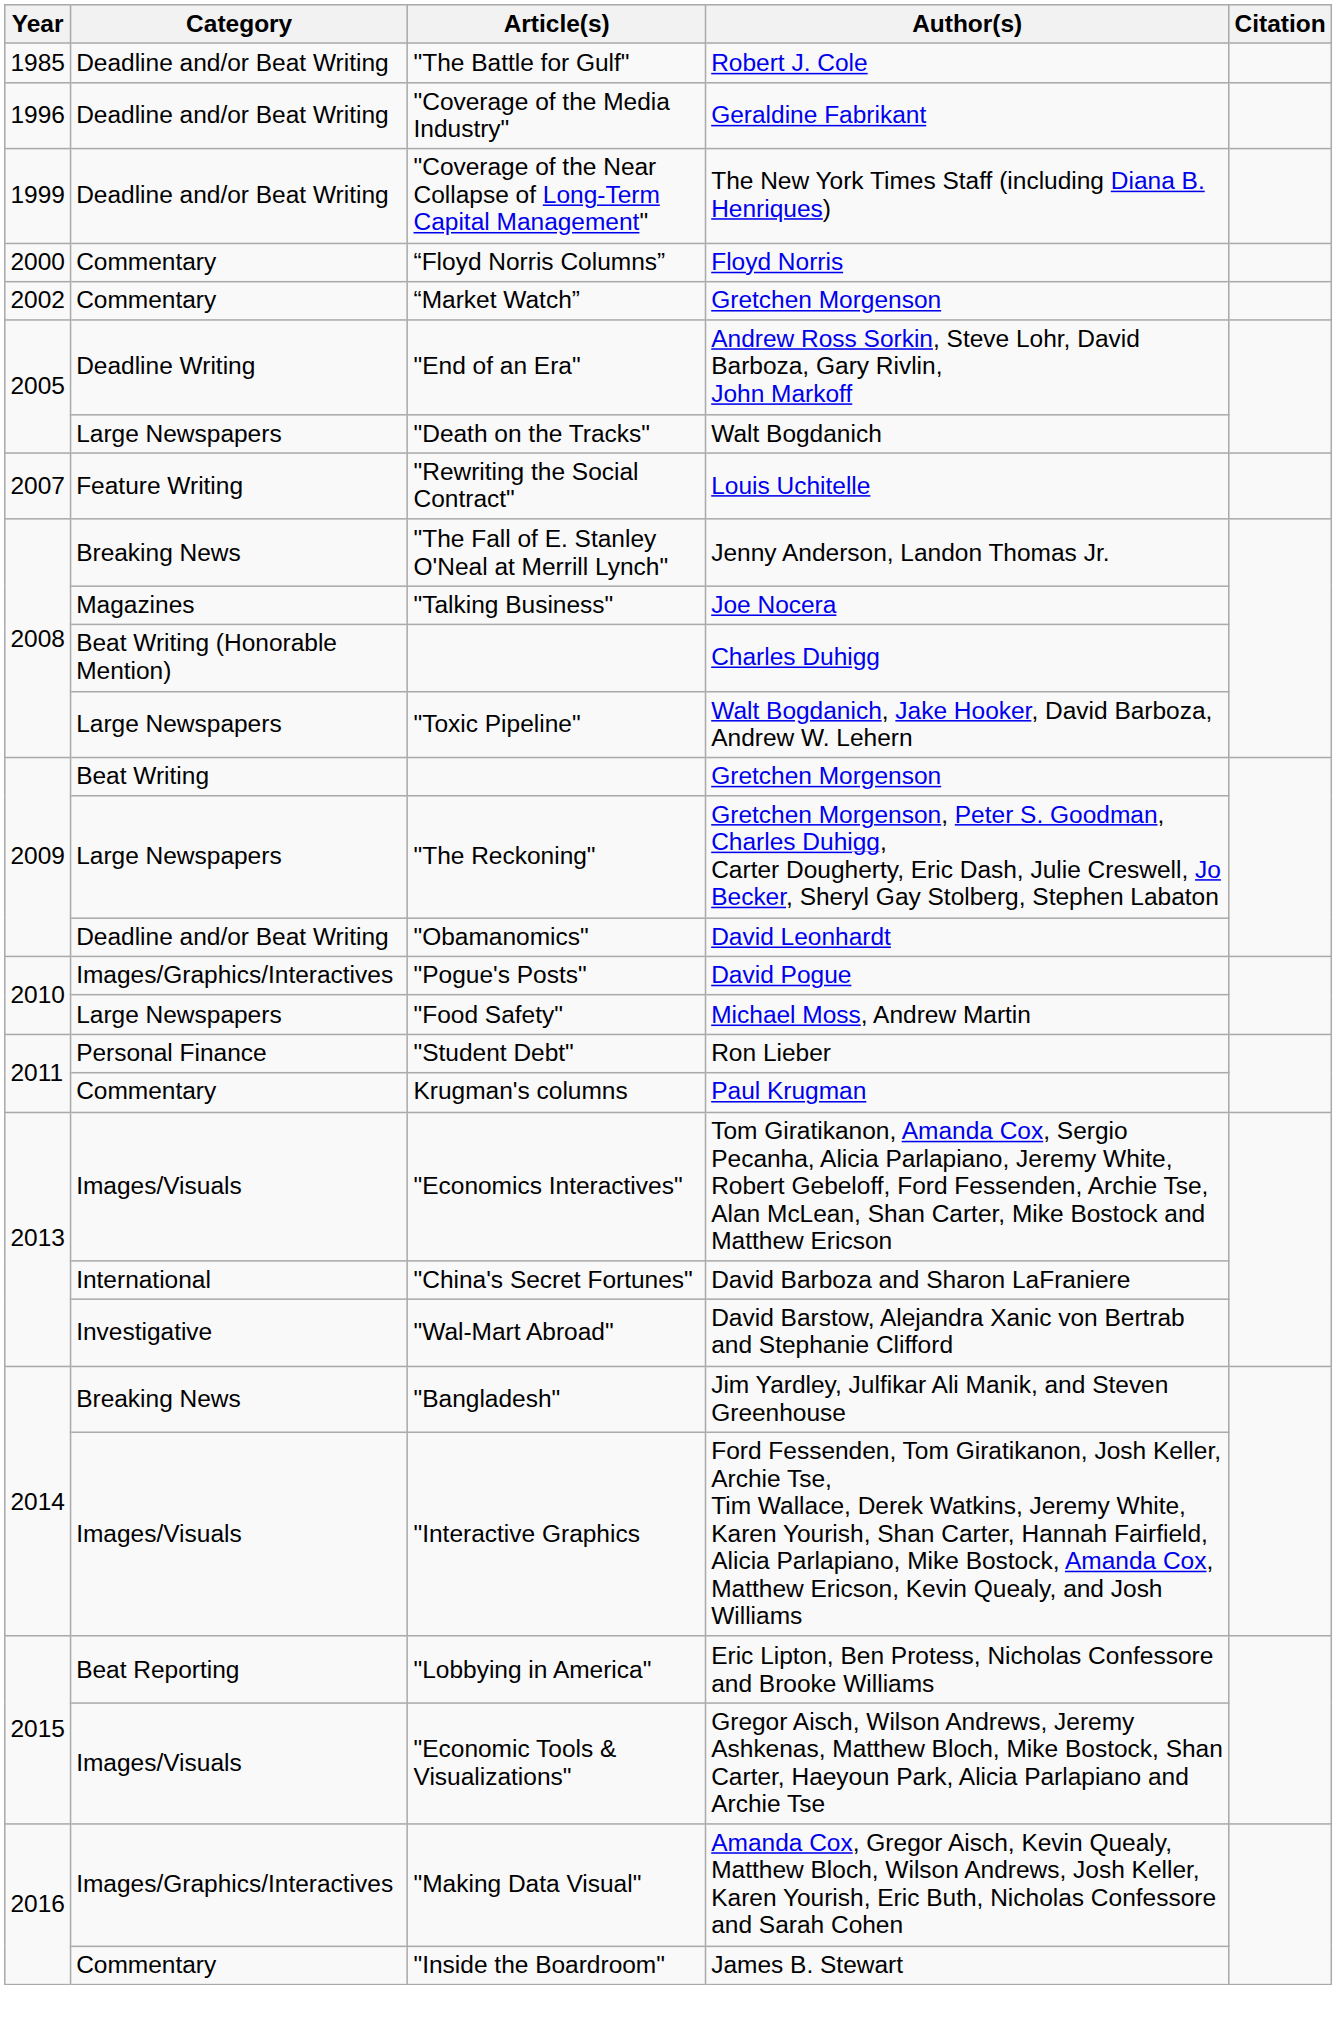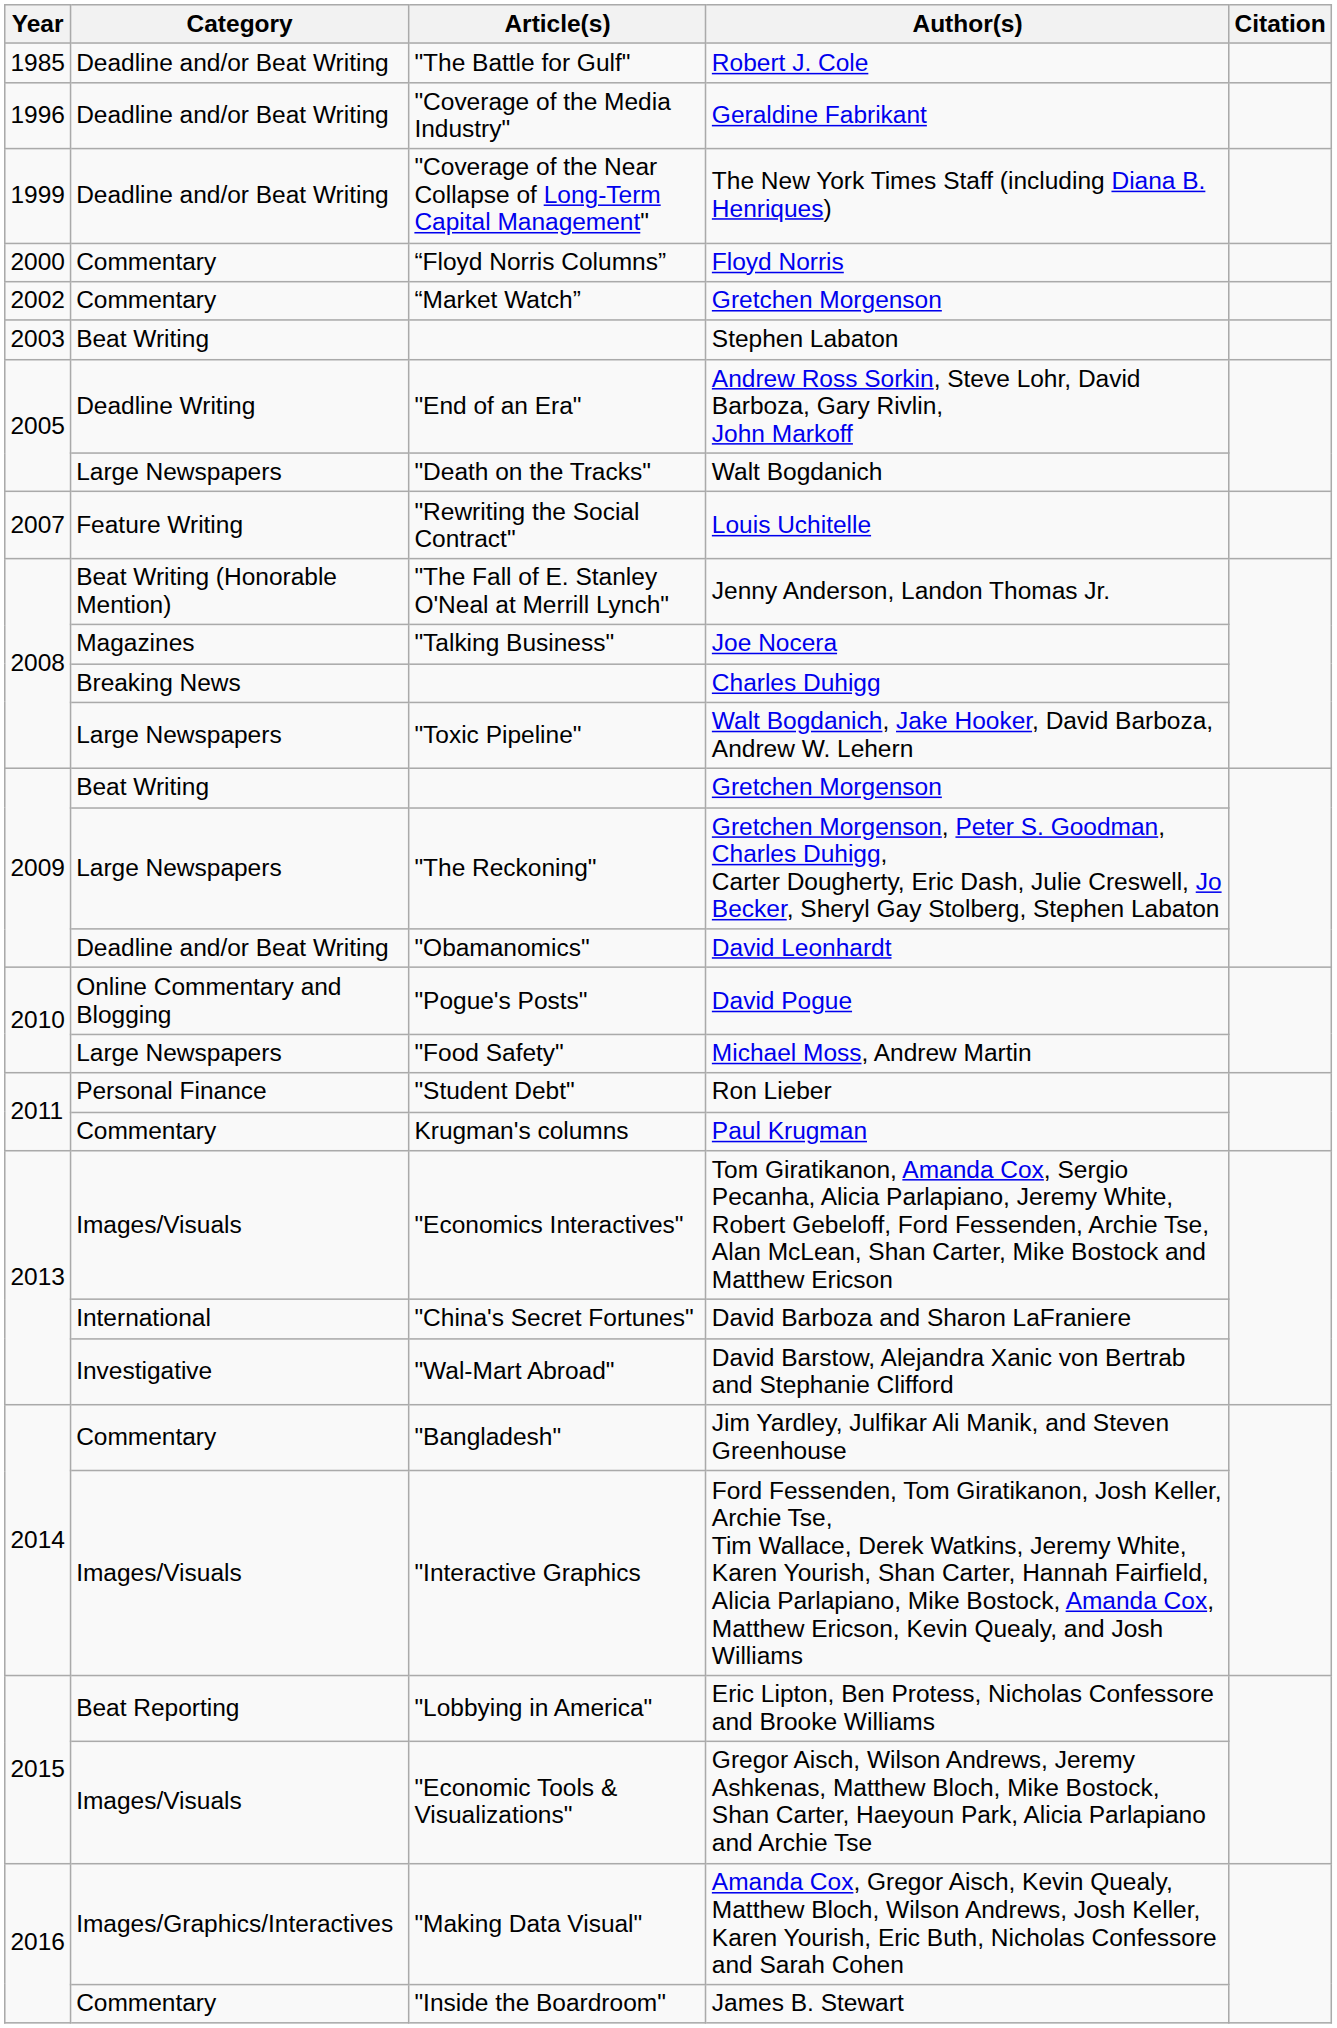 <table class="wikitable">
 <tr>
 <th>Year</th>
 <th>Category</th>
 <th>Article(s)</th>
 <th>Author(s)</th>
 <th>Citation</th>
 </tr>
 <tr>
 <td>1985</td>
 <td>Deadline and/or Beat Writing</td>
 <td>"The Battle for Gulf"</td>
 <td><a href='#'>Robert J. Cole</a></td>
 <td></td>
 </tr>
 <tr>
 <td>1996</td>
 <td>Deadline and/or Beat Writing</td>
 <td>"Coverage of the Media Industry"</td>
 <td><a href='#'>Geraldine Fabrikant</a></td>
 <td></td>
 </tr>
 <tr>
 <td>1999</td>
 <td>Deadline and/or Beat Writing</td>
 <td>"Coverage of the Near Collapse of <a href='#'>Long-Term Capital Management</a>"</td>
 <td>The New York Times Staff (including <a href='#'>Diana B. Henriques</a>)</td>
 <td></td>
 </tr>
 <tr>
 <td>2000</td>
 <td>Commentary</td>
 <td>“Floyd Norris Columns”</td>
 <td><a href='#'>Floyd Norris</a></td>
 <td></td>
 </tr>
 <tr>
 <td>2002</td>
 <td>Commentary</td>
 <td>“Market Watch”</td>
 <td><a href='#'>Gretchen Morgenson</a></td>
 <td></td>
 </tr>
 <tr>
+<td>2003</td>
+<td>Beat Writing</td>
+<td></td>
+<td>Stephen Labaton</td>
+<td></td>
+</tr>
+<tr>
 <td rowspan="2">2005</td>
 <td>Deadline Writing</td>
 <td>"End of an Era"</td>
 <td><a href='#'>Andrew Ross Sorkin</a>, Steve Lohr, David Barboza, Gary Rivlin,<br><a href='#'>John Markoff</a></td>
 <td rowspan="2"></td>
 </tr>
 <tr>
 <td>Large Newspapers</td>
 <td>"Death on the Tracks"</td>
 <td>Walt Bogdanich</td>
 </tr>
 <tr>
 <td>2007</td>
 <td>Feature Writing</td>
 <td>"Rewriting the Social Contract"</td>
 <td><a href='#'>Louis Uchitelle</a></td>
 <td></td>
 </tr>
 <tr>
 <td rowspan="4">2008</td>
-<td>Breaking News</td>
+<td>Beat Writing (Honorable Mention)</td>
 <td>"The Fall of E. Stanley O'Neal at Merrill Lynch"</td>
 <td>Jenny Anderson, Landon Thomas Jr.</td>
 <td rowspan="4"></td>
 </tr>
 <tr>
 <td>Magazines</td>
 <td>"Talking Business"</td>
 <td><a href='#'>Joe Nocera</a></td>
 </tr>
 <tr>
-<td>Beat Writing (Honorable Mention)</td>
+<td>Breaking News</td>
 <td></td>
 <td><a href='#'>Charles Duhigg</a></td>
 </tr>
 <tr>
 <td>Large Newspapers</td>
 <td>"Toxic Pipeline"</td>
 <td><a href='#'>Walt Bogdanich</a>, <a href='#'>Jake Hooker</a>, David Barboza, Andrew W. Lehern</td>
 </tr>
 <tr>
 <td rowspan="3">2009</td>
 <td>Beat Writing</td>
 <td></td>
 <td><a href='#'>Gretchen Morgenson</a></td>
 <td rowspan="3"></td>
 </tr>
 <tr>
 <td>Large Newspapers</td>
 <td>"The Reckoning"</td>
 <td><a href='#'>Gretchen Morgenson</a>, <a href='#'>Peter S. Goodman</a>, <a href='#'>Charles Duhigg</a>,<br>Carter Dougherty, Eric Dash, Julie Creswell, <a href='#'>Jo Becker</a>, Sheryl Gay Stolberg, Stephen Labaton</td>
 </tr>
 <tr>
 <td>Deadline and/or Beat Writing</td>
 <td>"Obamanomics"</td>
 <td><a href='#'>David Leonhardt</a></td>
 </tr>
 <tr>
 <td rowspan="2">2010</td>
-<td>Images/Graphics/Interactives</td>
+<td>Online Commentary and Blogging</td>
 <td>"Pogue's Posts"</td>
 <td><a href='#'>David Pogue</a></td>
 <td rowspan="2"></td>
 </tr>
 <tr>
 <td>Large Newspapers</td>
 <td>"Food Safety"</td>
 <td><a href='#'>Michael Moss</a>, Andrew Martin</td>
 </tr>
 <tr>
 <td rowspan="2">2011</td>
 <td>Personal Finance</td>
 <td>"Student Debt"</td>
 <td>Ron Lieber</td>
 <td rowspan="2"></td>
 </tr>
 <tr>
 <td>Commentary</td>
 <td>Krugman's columns</td>
 <td><a href='#'>Paul Krugman</a></td>
 </tr>
 <tr>
 <td rowspan="3">2013</td>
 <td>Images/Visuals</td>
 <td>"Economics Interactives"</td>
 <td>Tom Giratikanon, <a href='#'>Amanda Cox</a>, Sergio Pecanha, Alicia Parlapiano, Jeremy White, Robert Gebeloff, Ford Fessenden, Archie Tse,<br>Alan McLean, Shan Carter, Mike Bostock and Matthew Ericson</td>
 <td rowspan="3"></td>
 </tr>
 <tr>
 <td>International</td>
 <td>"China's Secret Fortunes"</td>
 <td>David Barboza and Sharon LaFraniere</td>
 </tr>
 <tr>
 <td>Investigative</td>
 <td>"Wal-Mart Abroad"</td>
 <td>David Barstow, Alejandra Xanic von Bertrab and Stephanie Clifford</td>
 </tr>
 <tr>
 <td rowspan="2">2014</td>
-<td>Breaking News</td>
+<td>Commentary</td>
 <td>"Bangladesh"</td>
 <td>Jim Yardley, Julfikar Ali Manik, and Steven Greenhouse</td>
 <td rowspan="2"></td>
 </tr>
 <tr>
 <td>Images/Visuals</td>
 <td>"Interactive Graphics</td>
 <td>Ford Fessenden, Tom Giratikanon, Josh Keller, Archie Tse,<br>Tim Wallace, Derek Watkins, Jeremy White, Karen Yourish, Shan Carter, Hannah Fairfield, Alicia Parlapiano, Mike Bostock, <a href='#'>Amanda Cox</a>, Matthew Ericson, Kevin Quealy, and Josh Williams</td>
 </tr>
 <tr>
 <td rowspan="2">2015</td>
 <td>Beat Reporting</td>
 <td>"Lobbying in America"</td>
 <td>Eric Lipton, Ben Protess, Nicholas Confessore and Brooke Williams</td>
 <td rowspan="2"></td>
 </tr>
 <tr>
 <td>Images/Visuals</td>
 <td>"Economic Tools & Visualizations"</td>
 <td>Gregor Aisch, Wilson Andrews, Jeremy Ashkenas, Matthew Bloch, Mike Bostock, Shan Carter, Haeyoun Park, Alicia Parlapiano and Archie Tse</td>
 </tr>
 <tr>
 <td rowspan="2">2016</td>
 <td>Images/Graphics/Interactives</td>
 <td>"Making Data Visual"</td>
 <td><a href='#'>Amanda Cox</a>, Gregor Aisch, Kevin Quealy, Matthew Bloch, Wilson Andrews, Josh Keller, Karen Yourish, Eric Buth, Nicholas Confessore and Sarah Cohen</td>
 <td rowspan="2"></td>
 </tr>
 <tr>
 <td>Commentary</td>
 <td>"Inside the Boardroom"</td>
 <td>James B. Stewart</td>
 </tr>
 </table>
